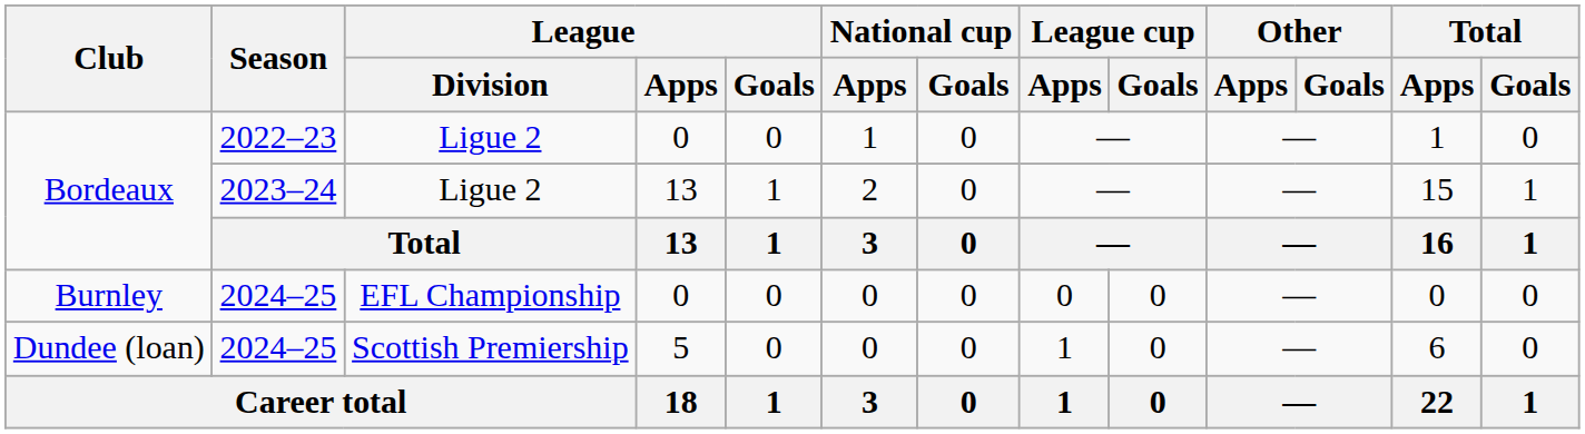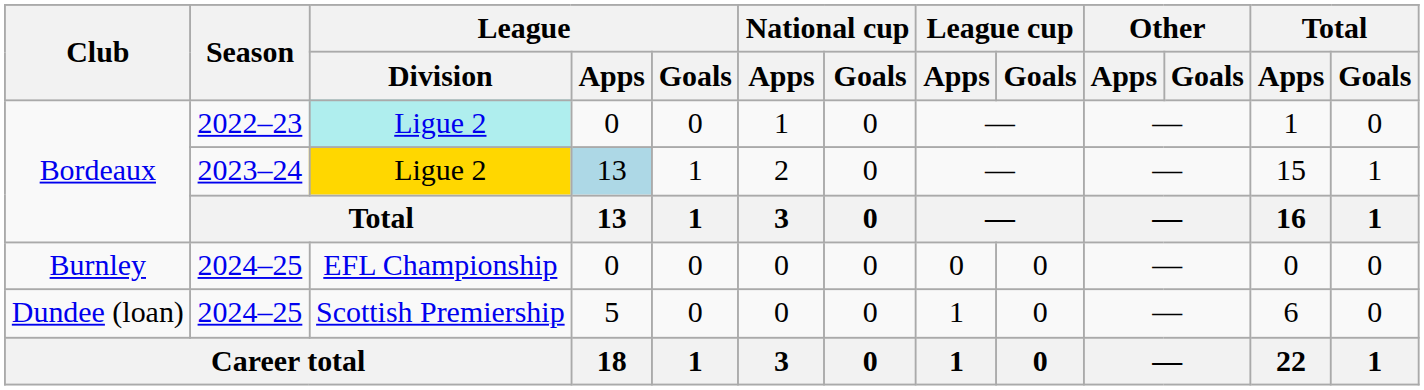 <table class="wikitable" style="text-align: center">
 <tr>
 <th rowspan="2">Club</th>
 <th rowspan="2">Season</th>
 <th colspan="3">League</th>
 <th colspan="2">National cup</th>
 <th colspan="2">League cup</th>
 <th colspan="2">Other</th>
 <th colspan="2">Total</th>
 </tr>
 <tr>
 <th>Division</th>
 <th>Apps</th>
 <th>Goals</th>
 <th>Apps</th>
 <th>Goals</th>
 <th>Apps</th>
 <th>Goals</th>
 <th>Apps</th>
 <th>Goals</th>
 <th>Apps</th>
 <th>Goals</th>
 </tr>
 <tr>
 <td rowspan="3"><a href='#'>Bordeaux</a></td>
 <td><a href='#'>2022–23</a></td>
-<td><a href='#'>Ligue 2</a></td>
+<td style="background: paleturquoise;"><a href='#'>Ligue 2</a></td>
 <td>0</td>
 <td>0</td>
 <td>1</td>
 <td>0</td>
 <td colspan=2>—</td>
 <td colspan=2>—</td>
 <td>1</td>
 <td>0</td>
 </tr>
 <tr>
 <td><a href='#'>2023–24</a></td>
-<td>Ligue 2</td>
-<td>13</td>
+<td style="background: gold;">Ligue 2</td>
+<td style="background: lightblue;">13</td>
 <td>1</td>
 <td>2</td>
 <td>0</td>
 <td colspan=2>—</td>
 <td colspan=2>—</td>
 <td>15</td>
 <td>1</td>
 </tr>
 <tr>
 <th colspan="2">Total</th>
 <th>13</th>
 <th>1</th>
 <th>3</th>
 <th>0</th>
 <th colspan=2>—</th>
 <th colspan=2>—</th>
 <th>16</th>
 <th>1</th>
 </tr>
 <tr>
 <td><a href='#'>Burnley</a></td>
 <td><a href='#'>2024–25</a></td>
 <td><a href='#'>EFL Championship</a></td>
 <td>0</td>
 <td>0</td>
 <td>0</td>
 <td>0</td>
 <td>0</td>
 <td>0</td>
 <td colspan=2>—</td>
 <td>0</td>
 <td>0</td>
 </tr>
 <tr>
 <td><a href='#'>Dundee</a> (loan)</td>
 <td><a href='#'>2024–25</a></td>
 <td><a href='#'>Scottish Premiership</a></td>
 <td>5</td>
 <td>0</td>
 <td>0</td>
 <td>0</td>
 <td>1</td>
 <td>0</td>
 <td colspan=2>—</td>
 <td>6</td>
 <td>0</td>
 </tr>
 <tr>
 <th colspan="3">Career total</th>
 <th>18</th>
 <th>1</th>
 <th>3</th>
 <th>0</th>
 <th>1</th>
 <th>0</th>
 <th colspan=2>—</th>
 <th>22</th>
 <th>1</th>
 </tr>
 </table>
